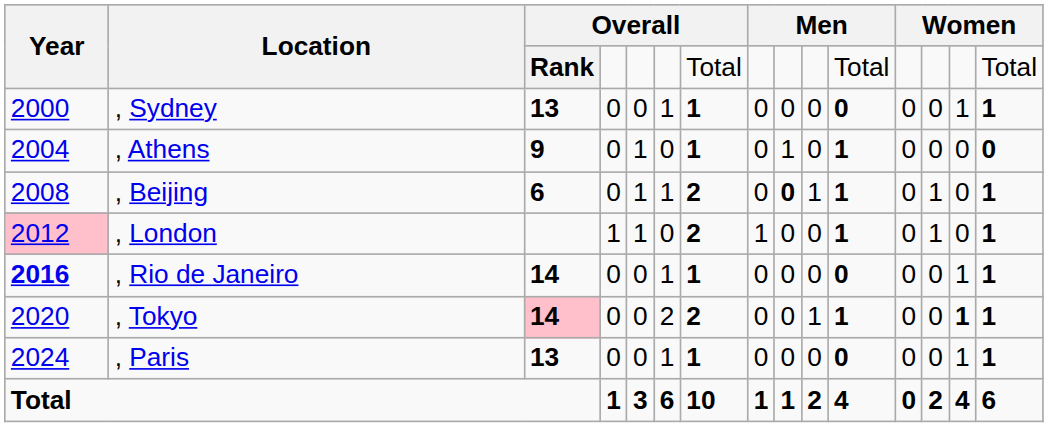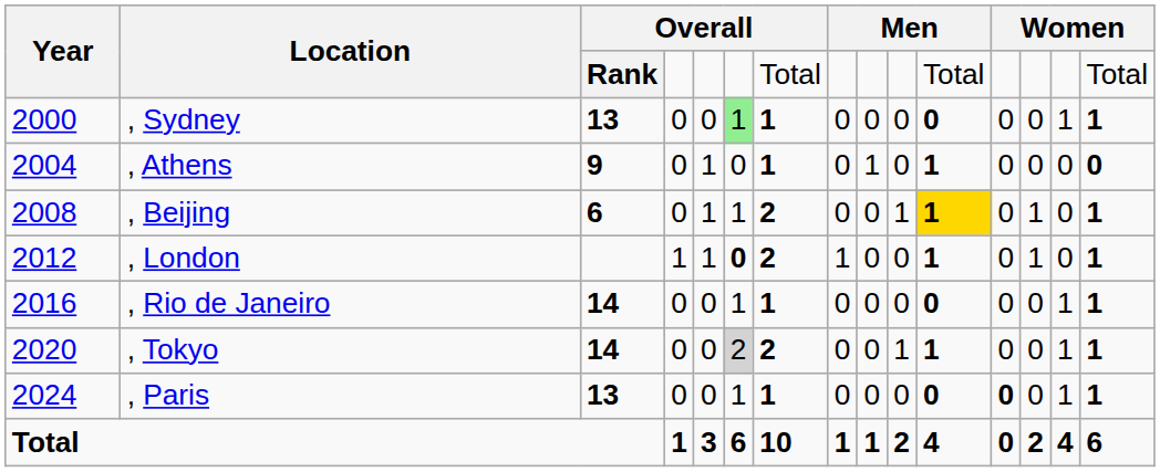 <table class="wikitable">
 <tr>
 <th rowspan=2 width="10%">Year</th>
 <th rowspan=2 width="40%">Location</th>
 <th colspan=5>Overall</th>
 <th colspan=4>Men</th>
 <th colspan=4>Women</th>
 </tr>
 <tr>
 <th>Rank</th>
 <td></td>
 <td></td>
 <td></td>
 <td>Total</td>
 <td></td>
 <td></td>
 <td></td>
 <td>Total</td>
 <td></td>
 <td></td>
 <td></td>
 <td>Total</td>
 </tr>
 <tr>
 <td><a href='#'>2000</a></td>
 <td>, <a href='#'>Sydney</a></td>
 <td><strong>13</strong></td>
 <td>0</td>
 <td>0</td>
-<td>1</td>
+<td style="background: lightgreen;">1</td>
 <td><strong>1</strong></td>
 <td>0</td>
 <td>0</td>
 <td>0</td>
 <td><strong>0</strong></td>
 <td>0</td>
 <td>0</td>
 <td>1</td>
 <td><strong>1</strong></td>
 </tr>
 <tr>
 <td><a href='#'>2004</a></td>
 <td>, <a href='#'>Athens</a></td>
 <td><strong>9</strong></td>
 <td>0</td>
 <td>1</td>
 <td>0</td>
 <td><strong>1</strong></td>
 <td>0</td>
 <td>1</td>
 <td>0</td>
 <td><strong>1</strong></td>
 <td>0</td>
 <td>0</td>
 <td>0</td>
 <td><strong>0</strong></td>
 </tr>
 <tr>
 <td><a href='#'>2008</a></td>
 <td>, <a href='#'>Beijing</a></td>
 <td><strong>6</strong></td>
 <td>0</td>
 <td>1</td>
 <td>1</td>
 <td><strong>2</strong></td>
 <td>0</td>
-<td><strong>0</strong></td>
+<td>0</td>
 <td>1</td>
-<td><strong>1</strong></td>
+<td style="background: gold;"><strong>1</strong></td>
 <td>0</td>
 <td>1</td>
 <td>0</td>
 <td><strong>1</strong></td>
 </tr>
 <tr>
-<td style="background: pink;"><a href='#'>2012</a></td>
+<td><a href='#'>2012</a></td>
 <td>, <a href='#'>London</a></td>
 <td></td>
 <td>1</td>
 <td>1</td>
-<td>0</td>
+<td><strong>0</strong></td>
 <td><strong>2</strong></td>
 <td>1</td>
 <td>0</td>
 <td>0</td>
 <td><strong>1</strong></td>
 <td>0</td>
 <td>1</td>
 <td>0</td>
 <td><strong>1</strong></td>
 </tr>
 <tr>
-<td><strong><a href='#'>2016</a></strong></td>
+<td><a href='#'>2016</a></td>
 <td>, <a href='#'>Rio de Janeiro</a></td>
 <td><strong>14</strong></td>
 <td>0</td>
 <td>0</td>
 <td>1</td>
 <td><strong>1</strong></td>
 <td>0</td>
 <td>0</td>
 <td>0</td>
 <td><strong>0</strong></td>
 <td>0</td>
 <td>0</td>
 <td>1</td>
 <td><strong>1</strong></td>
 </tr>
 <tr>
 <td><a href='#'>2020</a></td>
 <td>, <a href='#'>Tokyo</a></td>
-<td style="background: pink;"><strong>14</strong></td>
+<td><strong>14</strong></td>
 <td>0</td>
 <td>0</td>
-<td>2</td>
+<td style="background: lightgrey;">2</td>
 <td><strong>2</strong></td>
 <td>0</td>
 <td>0</td>
 <td>1</td>
 <td><strong>1</strong></td>
 <td>0</td>
 <td>0</td>
-<td><strong>1</strong></td>
+<td>1</td>
 <td><strong>1</strong></td>
 </tr>
 <tr>
 <td><a href='#'>2024</a></td>
 <td>, <a href='#'>Paris</a></td>
 <td><strong>13</strong></td>
 <td>0</td>
 <td>0</td>
 <td>1</td>
 <td><strong>1</strong></td>
 <td>0</td>
 <td>0</td>
 <td>0</td>
 <td><strong>0</strong></td>
-<td>0</td>
+<td><strong>0</strong></td>
 <td>0</td>
 <td>1</td>
 <td><strong>1</strong></td>
 </tr>
 <tr>
 <td colspan="3"><strong>Total</strong></td>
 <td><strong>1</strong></td>
 <td><strong>3</strong></td>
 <td><strong>6</strong></td>
 <td><strong>10</strong></td>
 <td><strong>1</strong></td>
 <td><strong>1</strong></td>
 <td><strong>2</strong></td>
 <td><strong>4</strong></td>
 <td><strong>0</strong></td>
 <td><strong>2</strong></td>
 <td><strong>4</strong></td>
 <td><strong>6</strong></td>
 </tr>
 </table>
